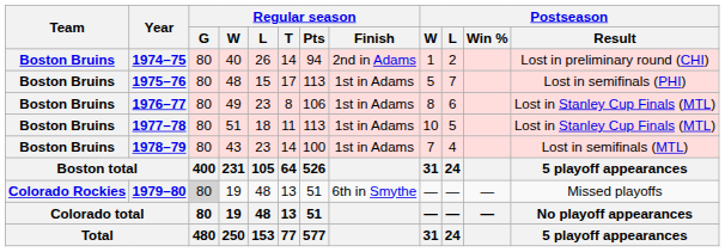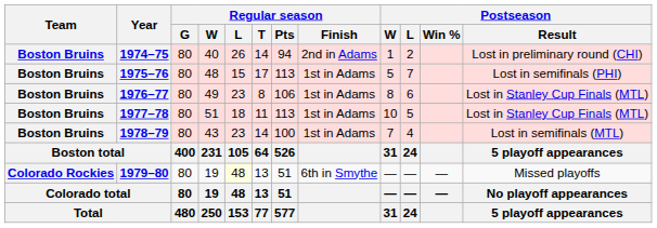 <table class="wikitable" style="font-size: 95%; text-align:center;">
 <tr>
 <th rowspan="2">Team</th>
 <th rowspan="2">Year</th>
 <th colspan="6"><a href='#'>Regular season</a></th>
 <th colspan="4"><a href='#'>Postseason</a></th>
 </tr>
 <tr>
 <th>G</th>
 <th>W</th>
 <th>L</th>
 <th>T</th>
 <th>Pts</th>
 <th>Finish</th>
 <th>W</th>
 <th>L</th>
 <th>Win %</th>
 <th>Result</th>
 </tr>
 <tr style="background:#fdd;">
 <th><a href='#'>Boston Bruins</a></th>
 <th><a href='#'>1974–75</a></th>
 <td>80</td>
 <td>40</td>
 <td>26</td>
 <td>14</td>
 <td>94</td>
 <td>2nd in <a href='#'>Adams</a></td>
 <td>1</td>
 <td>2</td>
 <td></td>
 <td>Lost in preliminary round (<a href='#'>CHI</a>)</td>
 </tr>
 <tr style="background:#fdd;">
 <th>Boston Bruins</th>
 <th><a href='#'>1975–76</a></th>
 <td>80</td>
 <td>48</td>
 <td>15</td>
 <td>17</td>
 <td>113</td>
 <td>1st in Adams</td>
 <td>5</td>
 <td>7</td>
 <td></td>
 <td>Lost in semifinals (<a href='#'>PHI</a>)</td>
 </tr>
 <tr style="background:#fdd;">
 <th>Boston Bruins</th>
 <th><a href='#'>1976–77</a></th>
 <td>80</td>
 <td>49</td>
 <td>23</td>
 <td>8</td>
 <td>106</td>
 <td>1st in Adams</td>
 <td>8</td>
 <td>6</td>
 <td></td>
 <td>Lost in <a href='#'>Stanley Cup Finals</a> (<a href='#'>MTL</a>)</td>
 </tr>
 <tr style="background:#fdd;">
 <th>Boston Bruins</th>
 <th><a href='#'>1977–78</a></th>
 <td>80</td>
 <td>51</td>
 <td>18</td>
 <td>11</td>
 <td>113</td>
 <td>1st in Adams</td>
 <td>10</td>
 <td>5</td>
 <td></td>
 <td>Lost in <a href='#'>Stanley Cup Finals</a> (<a href='#'>MTL</a>)</td>
 </tr>
 <tr style="background:#fdd;">
 <th>Boston Bruins</th>
 <th><a href='#'>1978–79</a></th>
 <td>80</td>
 <td>43</td>
 <td>23</td>
 <td>14</td>
 <td>100</td>
 <td>1st in Adams</td>
 <td>7</td>
 <td>4</td>
 <td></td>
 <td>Lost in semifinals (<a href='#'>MTL</a>)</td>
 </tr>
 <tr>
 <th colspan="2">Boston total</th>
 <th>400</th>
 <th>231</th>
 <th>105</th>
 <th>64</th>
 <th>526</th>
 <th></th>
 <th>31</th>
 <th>24</th>
 <th></th>
 <th>5 playoff appearances</th>
 </tr>
 <tr>
 <th><a href='#'>Colorado Rockies</a></th>
 <th><a href='#'>1979–80</a></th>
-<td style="background: lightgrey;">80</td>
+<td>80</td>
 <td>19</td>
-<td>48</td>
+<td style="background: lightyellow;">48</td>
 <td>13</td>
 <td>51</td>
 <td>6th in <a href='#'>Smythe</a></td>
 <td>—</td>
 <td>—</td>
 <td>—</td>
 <td>Missed playoffs</td>
 </tr>
 <tr>
 <th colspan="2">Colorado total</th>
 <th>80</th>
 <th>19</th>
 <th>48</th>
 <th>13</th>
 <th>51</th>
 <th></th>
 <th>—</th>
 <th>—</th>
 <th>—</th>
 <th>No playoff appearances</th>
 </tr>
 <tr>
 <th colspan="2">Total</th>
 <th>480</th>
 <th>250</th>
 <th>153</th>
 <th>77</th>
 <th>577</th>
 <th></th>
 <th>31</th>
 <th>24</th>
 <th></th>
 <th>5 playoff appearances</th>
 </tr>
 </table>
